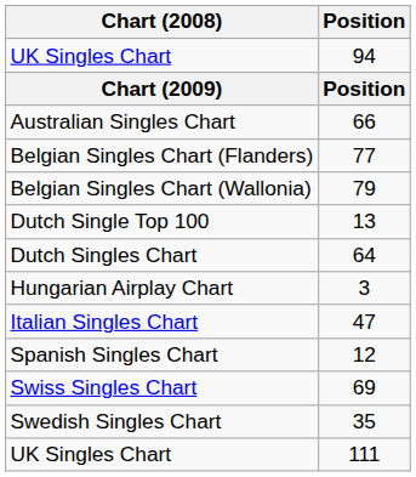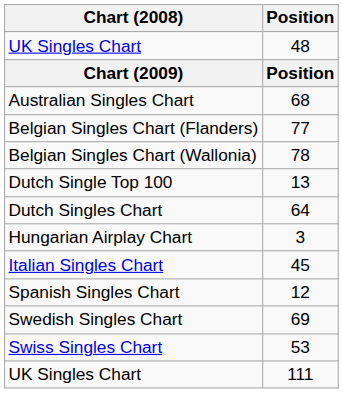 <table class="wikitable sortable">
 <tr>
 <th>Chart (2008)</th>
 <th>Position</th>
 </tr>
 <tr>
 <td><a href='#'>UK Singles Chart</a></td>
-<td style="text-align:center;">94</td>
+<td style="text-align:center;">48</td>
 </tr>
 <tr>
 <th>Chart (2009)</th>
 <th>Position</th>
 </tr>
 <tr>
 <td>Australian Singles Chart</td>
-<td align="center">66</td>
+<td align="center">68</td>
 </tr>
 <tr>
 <td>Belgian Singles Chart (Flanders)</td>
 <td align="center">77</td>
 </tr>
 <tr>
 <td>Belgian Singles Chart (Wallonia)</td>
-<td align="center">79</td>
+<td align="center">78</td>
 </tr>
 <tr>
 <td>Dutch Single Top 100</td>
 <td align="center">13</td>
 </tr>
 <tr>
 <td>Dutch Singles Chart</td>
 <td align="center">64</td>
 </tr>
 <tr>
 <td>Hungarian Airplay Chart</td>
 <td align="center">3</td>
 </tr>
 <tr>
 <td><a href='#'>Italian Singles Chart</a></td>
-<td style="text-align:center;">47</td>
+<td style="text-align:center;">45</td>
 </tr>
 <tr>
 <td>Spanish Singles Chart</td>
 <td align="center">12</td>
 </tr>
 <tr>
-<td><a href='#'>Swiss Singles Chart</a></td>
+<td>Swedish Singles Chart</td>
 <td align="center">69</td>
 </tr>
 <tr>
-<td>Swedish Singles Chart</td>
-<td align="center">35</td>
+<td><a href='#'>Swiss Singles Chart</a></td>
+<td align="center">53</td>
 </tr>
 <tr>
 <td>UK Singles Chart</td>
 <td align="center">111</td>
 </tr>
 </table>
